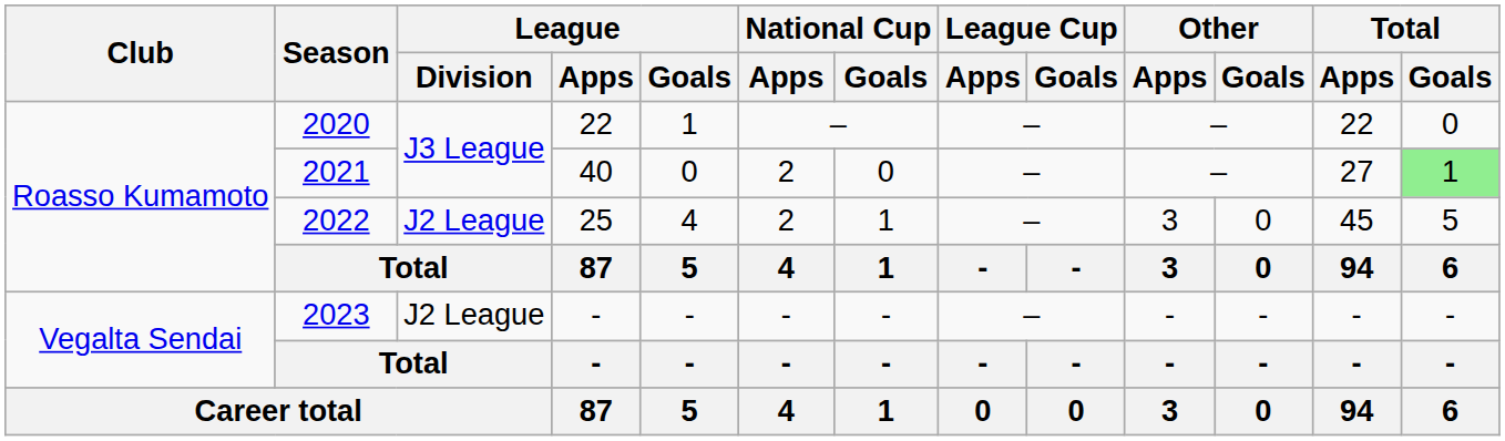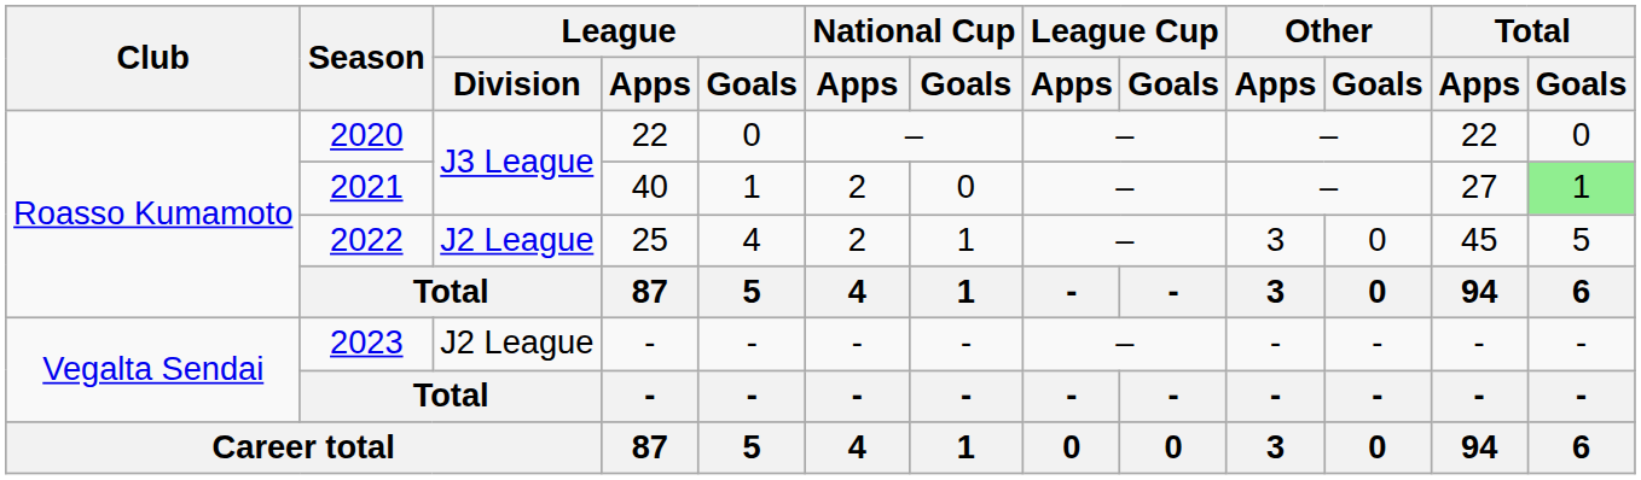 <table class="wikitable" style="text-align: center">
 <tr>
 <th rowspan="2">Club</th>
 <th rowspan="2">Season</th>
 <th colspan="3">League</th>
 <th colspan="2">National Cup</th>
 <th colspan="2">League Cup</th>
 <th colspan="2">Other</th>
 <th colspan="2">Total</th>
 </tr>
 <tr>
 <th>Division</th>
 <th>Apps</th>
 <th>Goals</th>
 <th>Apps</th>
 <th>Goals</th>
 <th>Apps</th>
 <th>Goals</th>
 <th>Apps</th>
 <th>Goals</th>
 <th>Apps</th>
 <th>Goals</th>
 </tr>
 <tr>
 <td rowspan="4"><a href='#'>Roasso Kumamoto</a></td>
 <td><a href='#'>2020</a></td>
 <td rowspan="2"><a href='#'>J3 League</a></td>
 <td>22</td>
-<td>1</td>
+<td>0</td>
 <td colspan="2">–</td>
 <td colspan="2">–</td>
 <td colspan="2">–</td>
 <td>22</td>
 <td>0</td>
 </tr>
 <tr>
 <td><a href='#'>2021</a></td>
 <td>40</td>
-<td>0</td>
+<td>1</td>
 <td>2</td>
 <td>0</td>
 <td colspan="2">–</td>
 <td colspan="2">–</td>
 <td>27</td>
 <td style="background: lightgreen;">1</td>
 </tr>
 <tr>
 <td><a href='#'>2022</a></td>
 <td><a href='#'>J2 League</a></td>
 <td>25</td>
 <td>4</td>
 <td>2</td>
 <td>1</td>
 <td colspan="2">–</td>
 <td>3</td>
 <td>0</td>
 <td>45</td>
 <td>5</td>
 </tr>
 <tr>
 <th colspan="2">Total</th>
 <th>87</th>
 <th>5</th>
 <th>4</th>
 <th>1</th>
 <th>-</th>
 <th>-</th>
 <th>3</th>
 <th>0</th>
 <th>94</th>
 <th>6</th>
 </tr>
 <tr>
 <td rowspan="2"><a href='#'>Vegalta Sendai</a></td>
 <td><a href='#'>2023</a></td>
 <td>J2 League</td>
 <td>-</td>
 <td>-</td>
 <td>-</td>
 <td>-</td>
 <td colspan="2">–</td>
 <td>-</td>
 <td>-</td>
 <td>-</td>
 <td>-</td>
 </tr>
 <tr>
 <th colspan="2">Total</th>
 <th>-</th>
 <th>-</th>
 <th>-</th>
 <th>-</th>
 <th>-</th>
 <th>-</th>
 <th>-</th>
 <th>-</th>
 <th>-</th>
 <th>-</th>
 </tr>
 <tr>
 <th colspan="3">Career total</th>
 <th>87</th>
 <th>5</th>
 <th>4</th>
 <th>1</th>
 <th>0</th>
 <th>0</th>
 <th>3</th>
 <th>0</th>
 <th>94</th>
 <th>6</th>
 </tr>
 </table>
